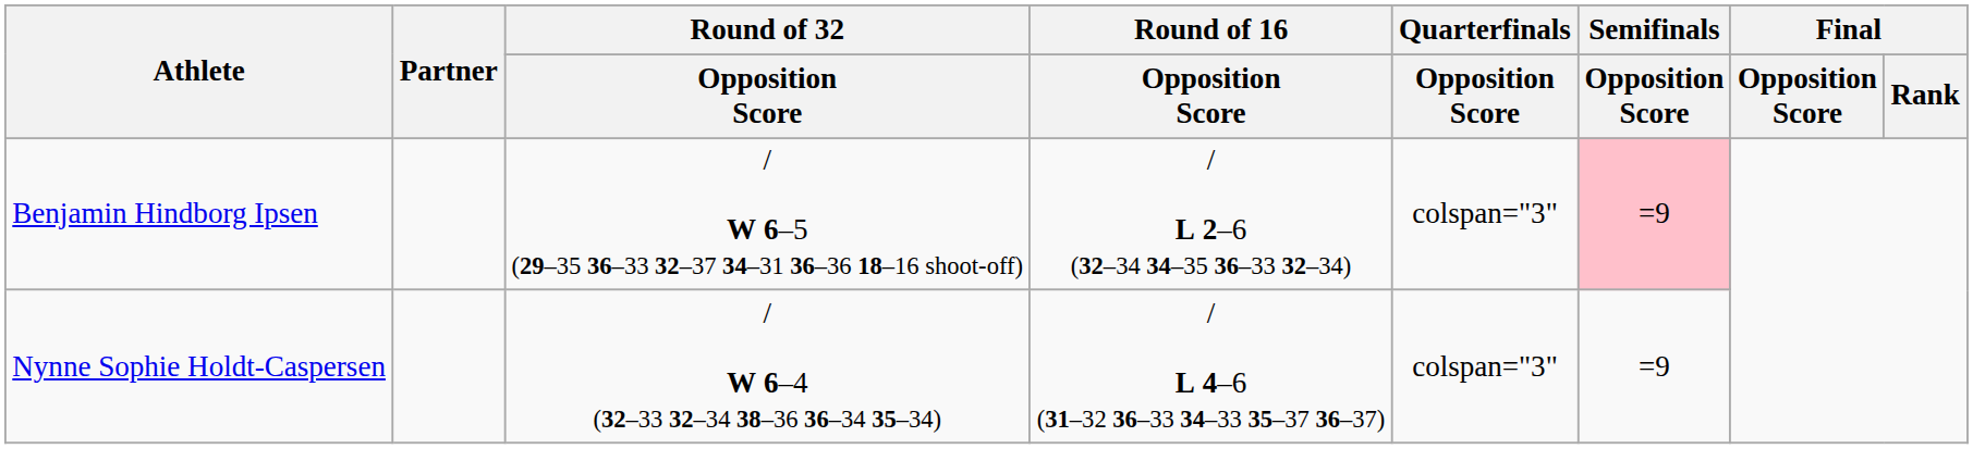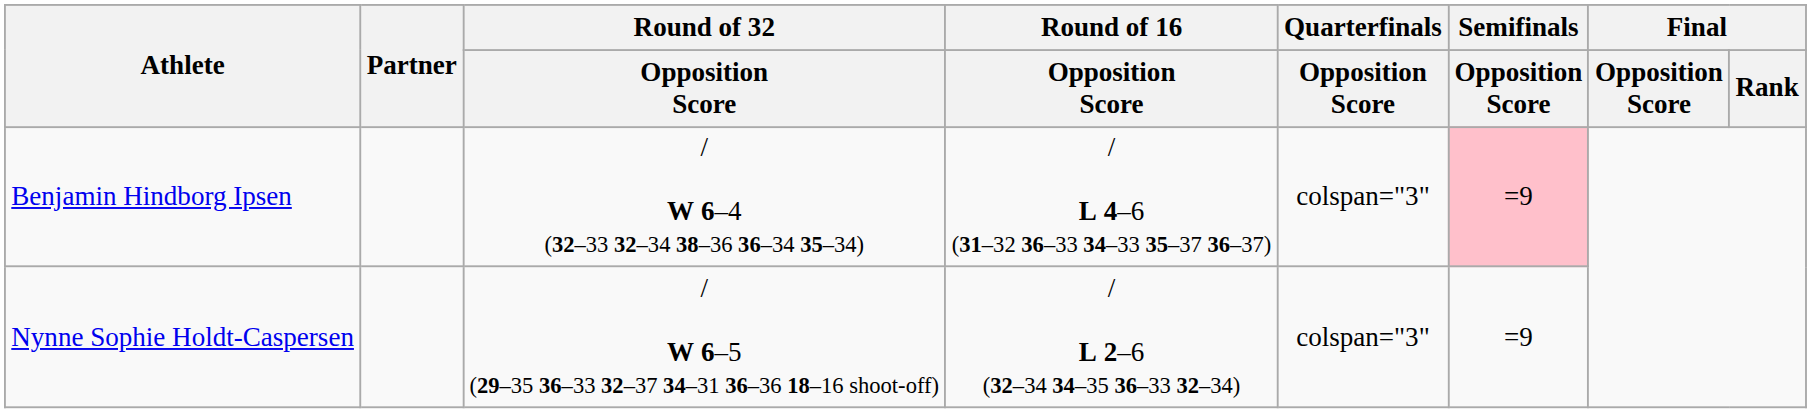 <table class="wikitable" style="font-size:90%; text-align:center;">
 <tr>
 <th rowspan=2>Athlete</th>
 <th rowspan=2>Partner</th>
 <th>Round of 32</th>
 <th>Round of 16</th>
 <th>Quarterfinals</th>
 <th>Semifinals</th>
 <th colspan=2>Final</th>
 </tr>
 <tr>
 <th>Opposition<br>Score</th>
 <th>Opposition<br>Score</th>
 <th>Opposition<br>Score</th>
 <th>Opposition<br>Score</th>
 <th>Opposition<br>Score</th>
 <th>Rank</th>
 </tr>
 <tr>
 <td style="text-align:left;"><a href='#'>Benjamin Hindborg Ipsen</a></td>
 <td style="text-align:left;"></td>
-<td>/ <br> <br><strong>W</strong> <strong>6</strong>–5<br> <small>(<strong>29</strong>–35 <strong>36</strong>–33 <strong>32</strong>–37 <strong>34</strong>–31 <strong>36</strong>–36 <strong>18</strong>–16 shoot-off)</small></td>
-<td>/ <br> <br><strong>L</strong> <strong>2</strong>–6 <br><small>(<strong>32</strong>–34 <strong>34</strong>–35 <strong>36</strong>–33 <strong>32</strong>–34)</small></td>
+<td>/ <br> <br><strong>W</strong> <strong>6</strong>–4<br> <small>(<strong>32</strong>–33 <strong>32</strong>–34 <strong>38</strong>–36 <strong>36</strong>–34 <strong>35</strong>–34)</small></td>
+<td>/ <br> <br><strong>L</strong> <strong>4</strong>–6<br> <small>(<strong>31</strong>–32 <strong>36</strong>–33 <strong>34</strong>–33 <strong>35</strong>–37 <strong>36</strong>–37)</small></td>
 <td>colspan="3" </td>
 <td style="background: pink;">=9</td>
 </tr>
 <tr>
 <td style="text-align:left;"><a href='#'>Nynne Sophie Holdt-Caspersen</a></td>
 <td style="text-align:left;"></td>
-<td>/ <br> <br><strong>W</strong> <strong>6</strong>–4<br> <small>(<strong>32</strong>–33 <strong>32</strong>–34 <strong>38</strong>–36 <strong>36</strong>–34 <strong>35</strong>–34)</small></td>
-<td>/ <br> <br><strong>L</strong> <strong>4</strong>–6<br> <small>(<strong>31</strong>–32 <strong>36</strong>–33 <strong>34</strong>–33 <strong>35</strong>–37 <strong>36</strong>–37)</small></td>
+<td>/ <br> <br><strong>W</strong> <strong>6</strong>–5<br> <small>(<strong>29</strong>–35 <strong>36</strong>–33 <strong>32</strong>–37 <strong>34</strong>–31 <strong>36</strong>–36 <strong>18</strong>–16 shoot-off)</small></td>
+<td>/ <br> <br><strong>L</strong> <strong>2</strong>–6 <br><small>(<strong>32</strong>–34 <strong>34</strong>–35 <strong>36</strong>–33 <strong>32</strong>–34)</small></td>
 <td>colspan="3" </td>
 <td>=9</td>
 </tr>
 </table>
